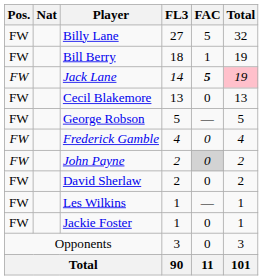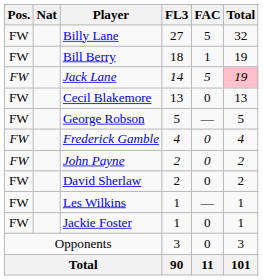 <table class="wikitable"  style="text-align:center; border:1px #aaa solid;">
 <tr>
 <th>Pos.</th>
 <th>Nat</th>
 <th>Player</th>
 <th>FL3</th>
 <th>FAC</th>
 <th>Total</th>
 </tr>
 <tr>
 <td>FW</td>
 <td></td>
 <td style="text-align:left;"><a href='#'>Billy Lane</a></td>
 <td>27</td>
 <td>5</td>
 <td>32</td>
 </tr>
 <tr>
 <td>FW</td>
 <td></td>
 <td style="text-align:left;"><a href='#'>Bill Berry</a></td>
 <td>18</td>
 <td>1</td>
 <td>19</td>
 </tr>
 <tr>
 <td><em>FW</em></td>
 <td><em></em></td>
 <td style="text-align:left;"><em><a href='#'>Jack Lane</a></em></td>
 <td><em>14</em></td>
-<td><strong><em>5</em></strong></td>
+<td><em>5</em></td>
 <td style="background: pink;"><em>19</em></td>
 </tr>
 <tr>
 <td>FW</td>
 <td></td>
 <td style="text-align:left;"><a href='#'>Cecil Blakemore</a></td>
 <td>13</td>
 <td>0</td>
 <td>13</td>
 </tr>
 <tr>
 <td>FW</td>
 <td></td>
 <td style="text-align:left;"><a href='#'>George Robson</a></td>
 <td>5</td>
 <td>—</td>
 <td>5</td>
 </tr>
 <tr>
 <td><em>FW</em></td>
 <td><em></em></td>
 <td style="text-align:left;"><a href='#'><em>Frederick Gamble</em></a></td>
 <td><em>4</em></td>
 <td><em>0</em></td>
 <td><em>4</em></td>
 </tr>
 <tr>
 <td><em>FW</em></td>
 <td><em></em></td>
 <td style="text-align:left;"><a href='#'><em>John Payne</em></a></td>
 <td><em>2</em></td>
-<td style="background: lightgrey;"><em>0</em></td>
+<td><em>0</em></td>
 <td><em>2</em></td>
 </tr>
 <tr>
 <td>FW</td>
 <td></td>
 <td style="text-align:left;"><a href='#'>David Sherlaw</a></td>
 <td>2</td>
 <td>0</td>
 <td>2</td>
 </tr>
 <tr>
 <td>FW</td>
 <td></td>
 <td style="text-align:left;"><a href='#'>Les Wilkins</a></td>
 <td>1</td>
 <td>—</td>
 <td>1</td>
 </tr>
 <tr>
 <td>FW</td>
 <td></td>
 <td style="text-align:left;"><a href='#'>Jackie Foster</a></td>
 <td>1</td>
 <td>0</td>
 <td>1</td>
 </tr>
 <tr>
 <td colspan="3">Opponents</td>
 <td>3</td>
 <td>0</td>
 <td>3</td>
 </tr>
 <tr>
 <th colspan="3">Total</th>
 <th>90</th>
 <th>11</th>
 <th>101</th>
 </tr>
 </table>
